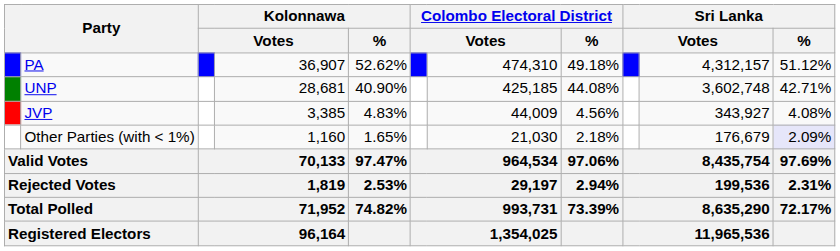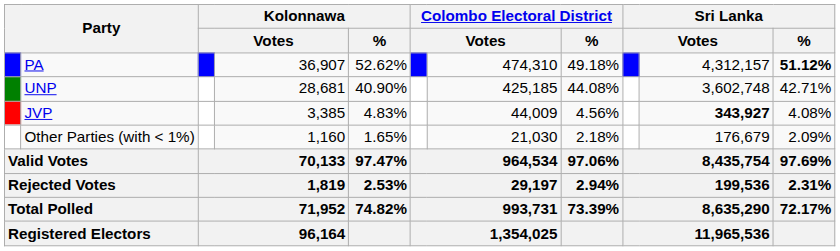 <table class="wikitable">
 <tr>
 <th colspan="2" width="144px"rowspan="2">Party</th>
 <th colspan="3" width="216px">Kolonnawa</th>
 <th colspan="3" width="216px"><a href='#'>Colombo Electoral District</a></th>
 <th colspan="3" width="216px">Sri Lanka</th>
 </tr>
 <tr>
 <th colspan="2" width="144px">Votes</th>
 <th>%</th>
 <th colspan="2" width="144px">Votes</th>
 <th>%</th>
 <th colspan="2" width="144px">Votes</th>
 <th>%</th>
 </tr>
 <tr>
 <td style="background-color:blue;" width="10px"></td>
 <td style="text-align:left;"><a href='#'>PA</a></td>
 <td style="background-color:blue;" width="10px"></td>
 <td style="text-align:right;">36,907</td>
 <td style="text-align:right;">52.62%</td>
 <td style="background-color:blue;" width="10px"></td>
 <td style="text-align:right;">474,310</td>
 <td style="text-align:right;">49.18%</td>
 <td style="background-color:blue;" width="10px"></td>
 <td style="text-align:right;">4,312,157</td>
-<td style="text-align:right;">51.12%</td>
+<td style="text-align:right;"><strong>51.12%</strong></td>
 </tr>
 <tr>
 <td style="background-color:green;" width="10px"></td>
 <td style="text-align:left;"><a href='#'>UNP</a></td>
 <td style="background-color:white;" width="10px"></td>
 <td style="text-align:right;">28,681</td>
 <td style="text-align:right;">40.90%</td>
 <td style="background-color:white;" width="10px"></td>
 <td style="text-align:right;">425,185</td>
 <td style="text-align:right;">44.08%</td>
 <td style="background-color:white;" width="10px"></td>
 <td style="text-align:right;">3,602,748</td>
 <td style="text-align:right;">42.71%</td>
 </tr>
 <tr>
 <td style="background-color:red;" width="10px"></td>
 <td style="text-align:left;"><a href='#'>JVP</a></td>
 <td style="background-color:white;" width="10px"></td>
 <td style="text-align:right;">3,385</td>
 <td style="text-align:right;">4.83%</td>
 <td style="background-color:white;" width="10px"></td>
 <td style="text-align:right;">44,009</td>
 <td style="text-align:right;">4.56%</td>
 <td style="background-color:white;" width="10px"></td>
-<td style="text-align:right;">343,927</td>
+<td style="text-align:right;"><strong>343,927</strong></td>
 <td style="text-align:right;">4.08%</td>
 </tr>
 <tr>
 <td style="background-color:white;" width="10px"></td>
 <td style="text-align:left;">Other Parties (with < 1%)</td>
 <td style="background-color:white;" width="10px"></td>
 <td style="text-align:right;">1,160</td>
 <td style="text-align:right;">1.65%</td>
 <td style="background-color:white;" width="10px"></td>
 <td style="text-align:right;">21,030</td>
 <td style="text-align:right;">2.18%</td>
 <td style="background-color:white;" width="10px"></td>
 <td style="text-align:right;">176,679</td>
-<td style="background: lavender; text-align:right;">2.09%</td>
+<td style="text-align:right;">2.09%</td>
 </tr>
 <tr>
 <th colspan="2" width="144px"style="text-align:left;">Valid Votes</th>
 <th style="text-align:right;"colspan="2" width="144px">70,133</th>
 <th style="text-align:right;">97.47%</th>
 <th style="text-align:right;"colspan="2" width="144px">964,534</th>
 <th style="text-align:right;">97.06%</th>
 <th style="text-align:right;"colspan="2" width="144px">8,435,754</th>
 <th style="text-align:right;">97.69%</th>
 </tr>
 <tr>
 <th colspan="2" width="144px"style="text-align:left;">Rejected Votes</th>
 <th style="text-align:right;"colspan="2" width="144px">1,819</th>
 <th style="text-align:right;">2.53%</th>
 <th style="text-align:right;"colspan="2" width="144px">29,197</th>
 <th style="text-align:right;">2.94%</th>
 <th style="text-align:right;"colspan="2" width="144px">199,536</th>
 <th style="text-align:right;">2.31%</th>
 </tr>
 <tr>
 <th colspan="2" width="144px"style="text-align:left;">Total Polled</th>
 <th style="text-align:right;"colspan="2" width="144px">71,952</th>
 <th style="text-align:right;">74.82%</th>
 <th style="text-align:right;"colspan="2" width="144px">993,731</th>
 <th style="text-align:right;">73.39%</th>
 <th style="text-align:right;"colspan="2" width="144px">8,635,290</th>
 <th style="text-align:right;">72.17%</th>
 </tr>
 <tr>
 <th colspan="2" width="144px"style="text-align:left;">Registered Electors</th>
 <th style="text-align:right;"colspan="2" width="144px">96,164</th>
 <th></th>
 <th style="text-align:right;"colspan="2" width="144px">1,354,025</th>
 <th></th>
 <th style="text-align:right;"colspan="2" width="144px">11,965,536</th>
 <th></th>
 </tr>
 </table>
